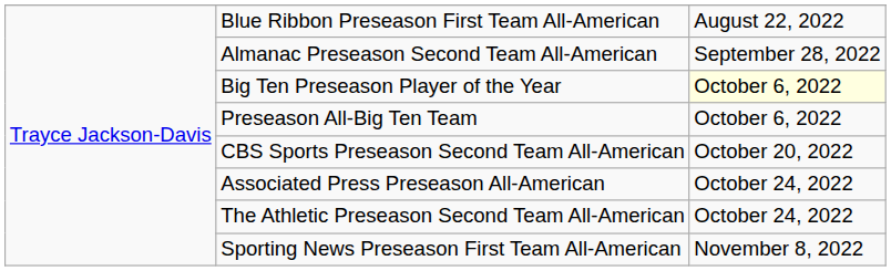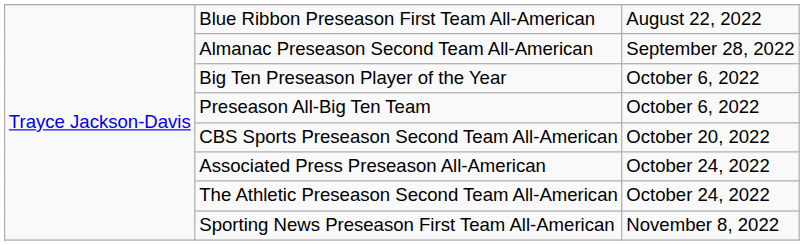 <table class=wikitable "border="1">
 <tr align=center>
 </tr>
 <tr>
 <td rowspan=8><a href='#'>Trayce Jackson-Davis</a></td>
 <td>Blue Ribbon Preseason First Team All-American</td>
 <td>August 22, 2022</td>
 </tr>
 <tr>
 <td>Almanac Preseason Second Team All-American</td>
 <td>September 28, 2022</td>
 </tr>
 <tr>
 <td>Big Ten Preseason Player of the Year</td>
-<td style="background: lightyellow;">October 6, 2022</td>
+<td>October 6, 2022</td>
 </tr>
 <tr>
 <td>Preseason All-Big Ten Team</td>
 <td>October 6, 2022</td>
 </tr>
 <tr>
 <td>CBS Sports Preseason Second Team All-American</td>
 <td>October 20, 2022</td>
 </tr>
 <tr>
 <td>Associated Press Preseason All-American</td>
 <td>October 24, 2022</td>
 </tr>
 <tr>
 <td>The Athletic Preseason Second Team All-American</td>
 <td>October 24, 2022</td>
 </tr>
 <tr>
 <td>Sporting News Preseason First Team All-American</td>
 <td>November 8, 2022</td>
 </tr>
 </table>
